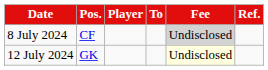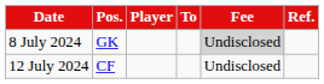 <table class="wikitable plainrowheaders sortable">
 <tr>
 <th style="background:#e20e0e;color:white;">Date</th>
 <th style="background:#e20e0e;color:white;">Pos.</th>
 <th style="background:#e20e0e;color:white;">Player</th>
 <th style="background:#e20e0e;color:white;">To</th>
 <th style="background:#e20e0e;color:white;">Fee</th>
 <th style="background:#e20e0e;color:white;">Ref.</th>
 </tr>
 <tr>
 <td>8 July 2024</td>
-<td><a href='#'>CF</a></td>
+<td><a href='#'>GK</a></td>
 <td></td>
 <td></td>
 <td style="background: lightgrey;">Undisclosed</td>
 <td></td>
 </tr>
 <tr>
 <td>12 July 2024</td>
-<td><a href='#'>GK</a></td>
+<td><a href='#'>CF</a></td>
 <td></td>
 <td></td>
-<td style="background: lightyellow;">Undisclosed</td>
+<td>Undisclosed</td>
 <td></td>
 </tr>
 </table>
